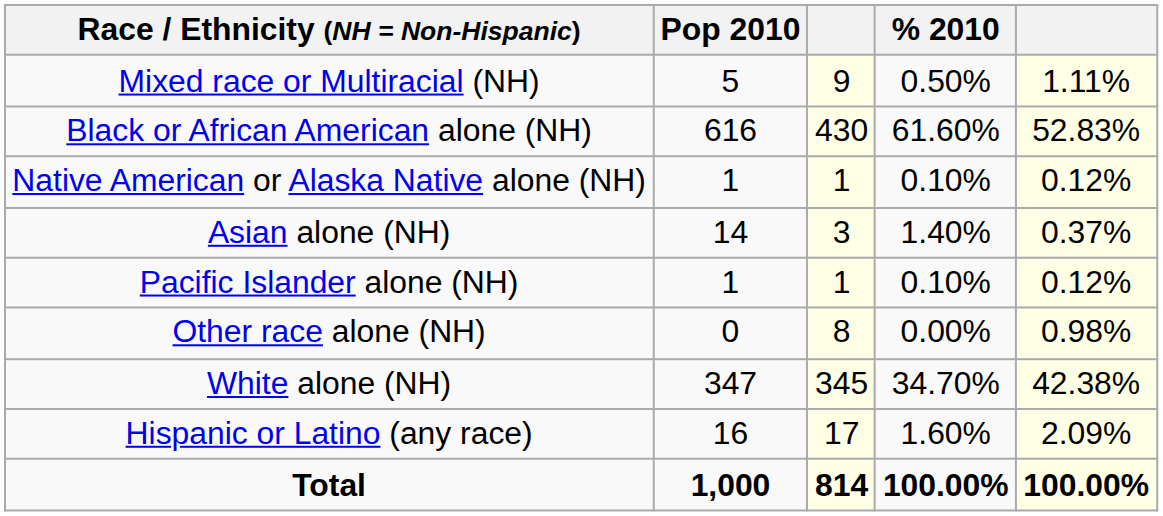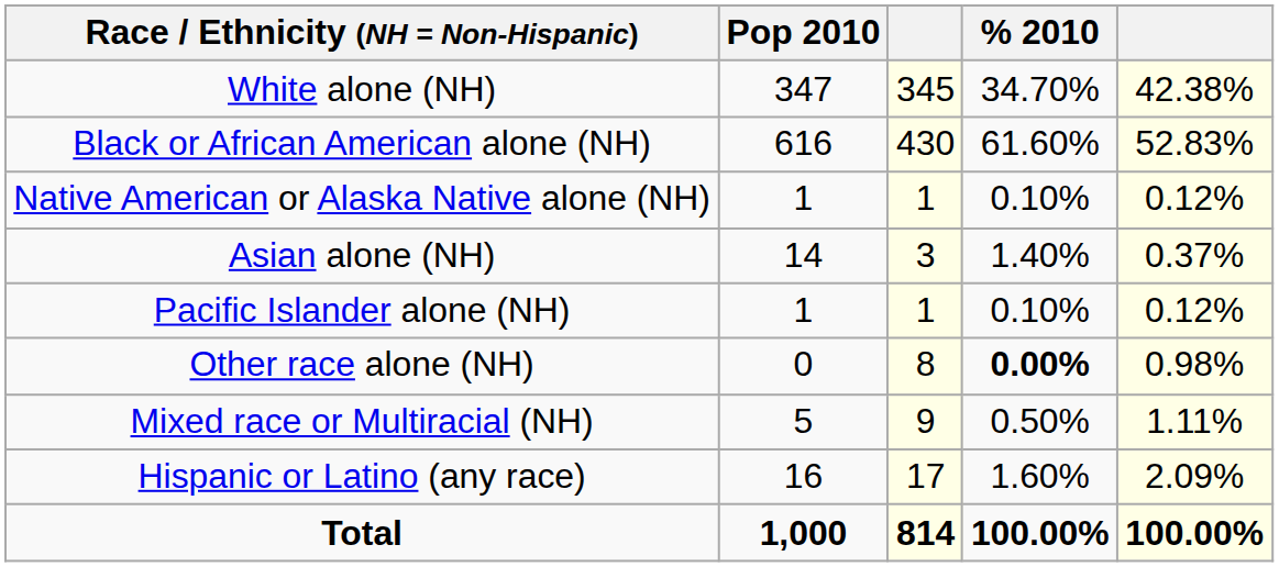 <table class="wikitable" style="text-align:center;">
 <tr>
 <th>Race / Ethnicity <small>(<em>NH = Non-Hispanic</em>)</small></th>
 <th>Pop 2010</th>
 <th></th>
 <th>% 2010</th>
 <th></th>
 </tr>
 <tr>
-<td><a href='#'>Mixed race or Multiracial</a> (NH)</td>
-<td>5</td>
-<td style='background: #ffffe6;'>9</td>
-<td>0.50%</td>
-<td style='background: #ffffe6;'>1.11%</td>
+<td><a href='#'>White</a> alone (NH)</td>
+<td>347</td>
+<td style='background: #ffffe6;'>345</td>
+<td>34.70%</td>
+<td style='background: #ffffe6;'>42.38%</td>
 </tr>
 <tr>
 <td><a href='#'>Black or African American</a> alone (NH)</td>
 <td>616</td>
 <td style='background: #ffffe6;'>430</td>
 <td>61.60%</td>
 <td style='background: #ffffe6;'>52.83%</td>
 </tr>
 <tr>
 <td><a href='#'>Native American</a> or <a href='#'>Alaska Native</a> alone (NH)</td>
 <td>1</td>
 <td style='background: #ffffe6;'>1</td>
 <td>0.10%</td>
 <td style='background: #ffffe6;'>0.12%</td>
 </tr>
 <tr>
 <td><a href='#'>Asian</a> alone (NH)</td>
 <td>14</td>
 <td style='background: #ffffe6;'>3</td>
 <td>1.40%</td>
 <td style='background: #ffffe6;'>0.37%</td>
 </tr>
 <tr>
 <td><a href='#'>Pacific Islander</a> alone (NH)</td>
 <td>1</td>
 <td style='background: #ffffe6;'>1</td>
 <td>0.10%</td>
 <td style='background: #ffffe6;'>0.12%</td>
 </tr>
 <tr>
 <td><a href='#'>Other race</a> alone (NH)</td>
 <td>0</td>
 <td style='background: #ffffe6;'>8</td>
-<td>0.00%</td>
+<td><strong>0.00%</strong></td>
 <td style='background: #ffffe6;'>0.98%</td>
 </tr>
 <tr>
-<td><a href='#'>White</a> alone (NH)</td>
-<td>347</td>
-<td style='background: #ffffe6;'>345</td>
-<td>34.70%</td>
-<td style='background: #ffffe6;'>42.38%</td>
+<td><a href='#'>Mixed race or Multiracial</a> (NH)</td>
+<td>5</td>
+<td style='background: #ffffe6;'>9</td>
+<td>0.50%</td>
+<td style='background: #ffffe6;'>1.11%</td>
 </tr>
 <tr>
 <td><a href='#'>Hispanic or Latino</a> (any race)</td>
 <td>16</td>
 <td style='background: #ffffe6;'>17</td>
 <td>1.60%</td>
 <td style='background: #ffffe6;'>2.09%</td>
 </tr>
 <tr>
 <td><strong>Total</strong></td>
 <td><strong>1,000</strong></td>
 <td style='background: #ffffe6;'><strong>814</strong></td>
 <td><strong>100.00%</strong></td>
 <td style='background: #ffffe6;'><strong>100.00%</strong></td>
 </tr>
 </table>
